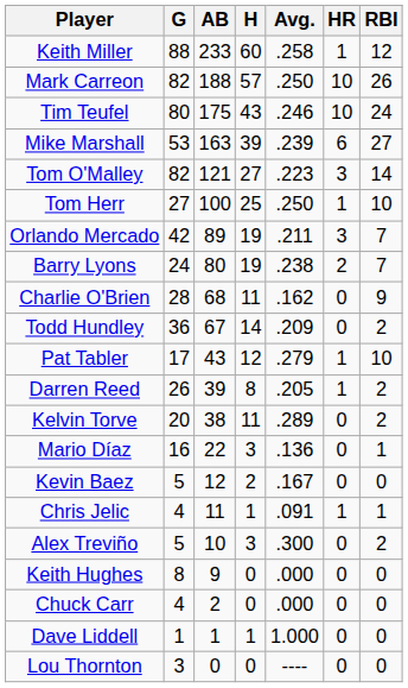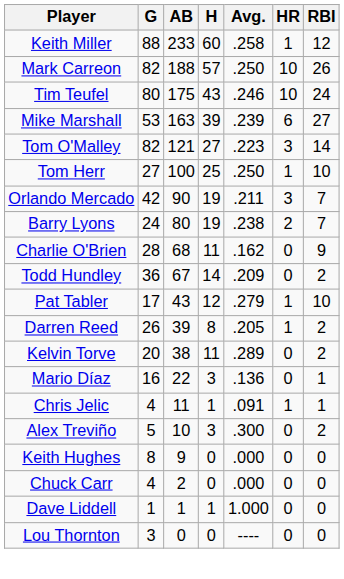 <table class="wikitable sortable">
 <tr>
 <th>Player</th>
 <th>G</th>
 <th>AB</th>
 <th>H</th>
 <th>Avg.</th>
 <th>HR</th>
 <th>RBI</th>
 </tr>
 <tr align="center">
 <td><a href='#'>Keith Miller</a></td>
 <td>88</td>
 <td>233</td>
 <td>60</td>
 <td>.258</td>
 <td>1</td>
 <td>12</td>
 </tr>
 <tr align="center">
 <td><a href='#'>Mark Carreon</a></td>
 <td>82</td>
 <td>188</td>
 <td>57</td>
 <td>.250</td>
 <td>10</td>
 <td>26</td>
 </tr>
 <tr align="center">
 <td><a href='#'>Tim Teufel</a></td>
 <td>80</td>
 <td>175</td>
 <td>43</td>
 <td>.246</td>
 <td>10</td>
 <td>24</td>
 </tr>
 <tr align="center">
 <td><a href='#'>Mike Marshall</a></td>
 <td>53</td>
 <td>163</td>
 <td>39</td>
 <td>.239</td>
 <td>6</td>
 <td>27</td>
 </tr>
 <tr align="center">
 <td><a href='#'>Tom O'Malley</a></td>
 <td>82</td>
 <td>121</td>
 <td>27</td>
 <td>.223</td>
 <td>3</td>
 <td>14</td>
 </tr>
 <tr align="center">
 <td><a href='#'>Tom Herr</a></td>
 <td>27</td>
 <td>100</td>
 <td>25</td>
 <td>.250</td>
 <td>1</td>
 <td>10</td>
 </tr>
 <tr align="center">
 <td><a href='#'>Orlando Mercado</a></td>
 <td>42</td>
-<td>89</td>
+<td>90</td>
 <td>19</td>
 <td>.211</td>
 <td>3</td>
 <td>7</td>
 </tr>
 <tr align="center">
 <td><a href='#'>Barry Lyons</a></td>
 <td>24</td>
 <td>80</td>
 <td>19</td>
 <td>.238</td>
 <td>2</td>
 <td>7</td>
 </tr>
 <tr align="center">
 <td><a href='#'>Charlie O'Brien</a></td>
 <td>28</td>
 <td>68</td>
 <td>11</td>
 <td>.162</td>
 <td>0</td>
 <td>9</td>
 </tr>
 <tr align="center">
 <td><a href='#'>Todd Hundley</a></td>
 <td>36</td>
 <td>67</td>
 <td>14</td>
 <td>.209</td>
 <td>0</td>
 <td>2</td>
 </tr>
 <tr align="center">
 <td><a href='#'>Pat Tabler</a></td>
 <td>17</td>
 <td>43</td>
 <td>12</td>
 <td>.279</td>
 <td>1</td>
 <td>10</td>
 </tr>
 <tr align="center">
 <td><a href='#'>Darren Reed</a></td>
 <td>26</td>
 <td>39</td>
 <td>8</td>
 <td>.205</td>
 <td>1</td>
 <td>2</td>
 </tr>
 <tr align="center">
 <td><a href='#'>Kelvin Torve</a></td>
 <td>20</td>
 <td>38</td>
 <td>11</td>
 <td>.289</td>
 <td>0</td>
 <td>2</td>
 </tr>
 <tr align="center">
 <td><a href='#'>Mario Díaz</a></td>
 <td>16</td>
 <td>22</td>
 <td>3</td>
 <td>.136</td>
 <td>0</td>
 <td>1</td>
 </tr>
 <tr align="center">
-<td><a href='#'>Kevin Baez</a></td>
-<td>5</td>
-<td>12</td>
-<td>2</td>
-<td>.167</td>
-<td>0</td>
-<td>0</td>
-</tr>
-<tr align="center">
 <td><a href='#'>Chris Jelic</a></td>
 <td>4</td>
 <td>11</td>
 <td>1</td>
 <td>.091</td>
 <td>1</td>
 <td>1</td>
 </tr>
 <tr align="center">
 <td><a href='#'>Alex Treviño</a></td>
 <td>5</td>
 <td>10</td>
 <td>3</td>
 <td>.300</td>
 <td>0</td>
 <td>2</td>
 </tr>
 <tr align="center">
 <td><a href='#'>Keith Hughes</a></td>
 <td>8</td>
 <td>9</td>
 <td>0</td>
 <td>.000</td>
 <td>0</td>
 <td>0</td>
 </tr>
 <tr align="center">
 <td><a href='#'>Chuck Carr</a></td>
 <td>4</td>
 <td>2</td>
 <td>0</td>
 <td>.000</td>
 <td>0</td>
 <td>0</td>
 </tr>
 <tr align="center">
 <td><a href='#'>Dave Liddell</a></td>
 <td>1</td>
 <td>1</td>
 <td>1</td>
 <td>1.000</td>
 <td>0</td>
 <td>0</td>
 </tr>
 <tr align="center">
 <td><a href='#'>Lou Thornton</a></td>
 <td>3</td>
 <td>0</td>
 <td>0</td>
 <td>----</td>
 <td>0</td>
 <td>0</td>
 </tr>
 </table>
